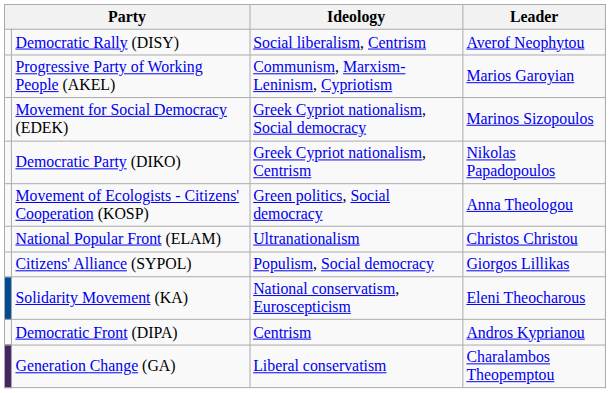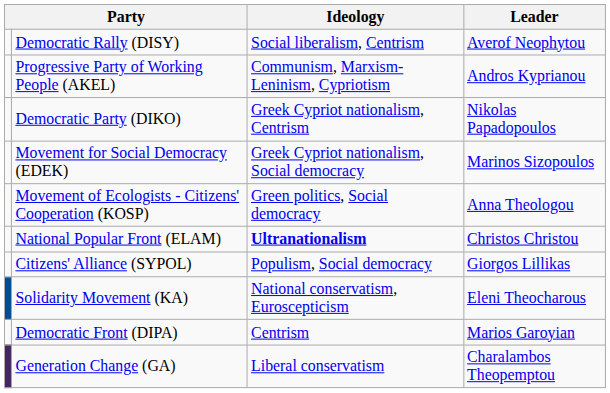 <table class="wikitable" style="text-align:left">
 <tr>
 <th colspan="2">Party</th>
 <th>Ideology</th>
 <th>Leader</th>
 </tr>
 <tr>
 <td></td>
 <td><a href='#'>Democratic Rally</a> (DISY)</td>
 <td><a href='#'>Social liberalism</a>, <a href='#'>Centrism</a></td>
 <td><a href='#'>Averof Neophytou</a></td>
 </tr>
 <tr>
 <td></td>
 <td><a href='#'>Progressive Party of Working People</a> (AKEL)</td>
 <td><a href='#'>Communism</a>, <a href='#'>Marxism-Leninism</a>, <a href='#'>Cypriotism</a></td>
-<td><a href='#'>Marios Garoyian</a></td>
+<td><a href='#'>Andros Kyprianou</a></td>
+</tr>
+<tr>
+<td></td>
+<td><a href='#'>Democratic Party</a> (DIKO)</td>
+<td><a href='#'>Greek Cypriot nationalism</a>, <a href='#'>Centrism</a></td>
+<td><a href='#'>Nikolas Papadopoulos</a></td>
 </tr>
 <tr>
 <td></td>
 <td><a href='#'>Movement for Social Democracy</a> (EDEK)</td>
 <td><a href='#'>Greek Cypriot nationalism</a>, <a href='#'>Social democracy</a></td>
 <td><a href='#'>Marinos Sizopoulos</a></td>
-</tr>
-<tr>
-<td></td>
-<td><a href='#'>Democratic Party</a> (DIKO)</td>
-<td><a href='#'>Greek Cypriot nationalism</a>, <a href='#'>Centrism</a></td>
-<td><a href='#'>Nikolas Papadopoulos</a></td>
 </tr>
 <tr>
 <td></td>
 <td><a href='#'>Movement of Ecologists - Citizens' Cooperation</a> (KOSP)</td>
 <td><a href='#'>Green politics</a>, <a href='#'>Social democracy</a></td>
 <td><a href='#'>Anna Theologou</a></td>
 </tr>
 <tr>
 <td></td>
 <td><a href='#'>National Popular Front</a> (ELAM)</td>
-<td><a href='#'>Ultranationalism</a></td>
+<td><strong><a href='#'>Ultranationalism</a></strong></td>
 <td><a href='#'>Christos Christou</a></td>
 </tr>
 <tr>
 <td></td>
 <td><a href='#'>Citizens' Alliance</a> (SYPOL)</td>
 <td><a href='#'>Populism</a>, <a href='#'>Social democracy</a></td>
 <td><a href='#'>Giorgos Lillikas</a></td>
 </tr>
 <tr>
 <td bgcolor="#004B91"></td>
 <td><a href='#'>Solidarity Movement</a> (KA)</td>
 <td><a href='#'>National conservatism</a>, <a href='#'>Euroscepticism</a></td>
 <td><a href='#'>Eleni Theocharous</a></td>
 </tr>
 <tr>
 <td></td>
 <td><a href='#'>Democratic Front</a> (DIPA)</td>
 <td><a href='#'>Centrism</a></td>
-<td><a href='#'>Andros Kyprianou</a></td>
+<td><a href='#'>Marios Garoyian</a></td>
 </tr>
 <tr>
 <td bgcolor="#442464"></td>
 <td><a href='#'>Generation Change</a>  (GA)</td>
 <td><a href='#'>Liberal conservatism</a></td>
 <td><a href='#'>Charalambos Theopemptou</a></td>
 </tr>
 </table>
